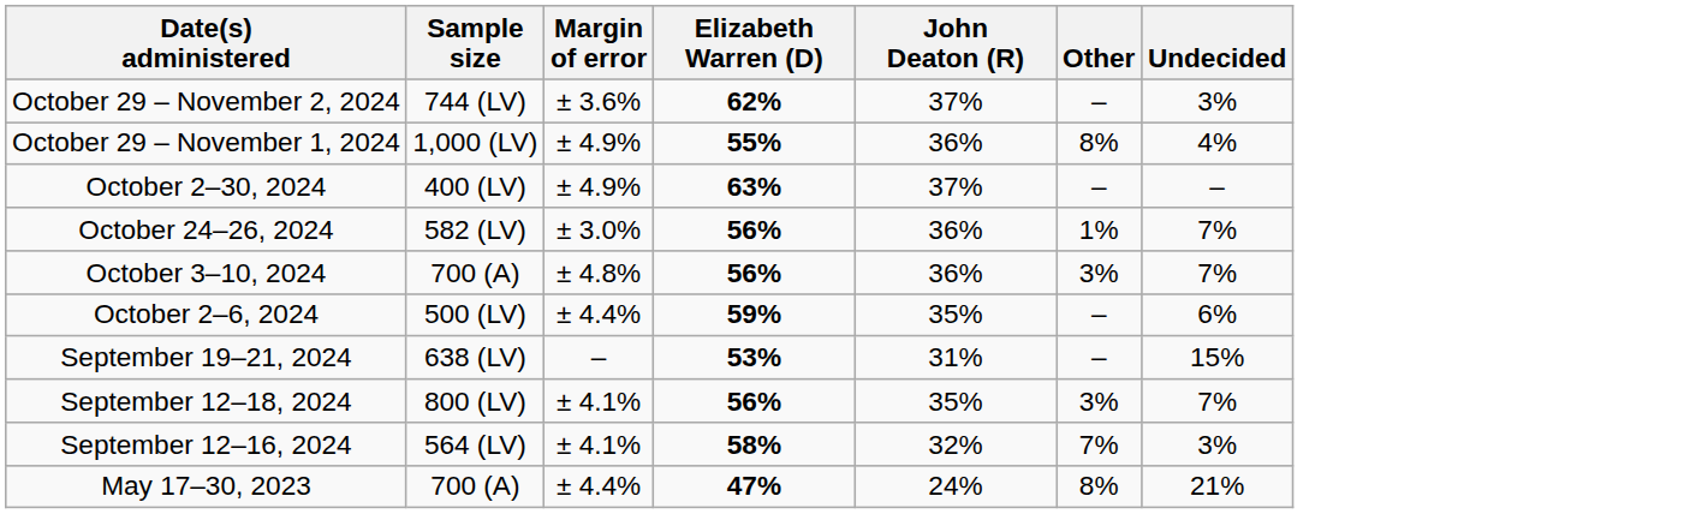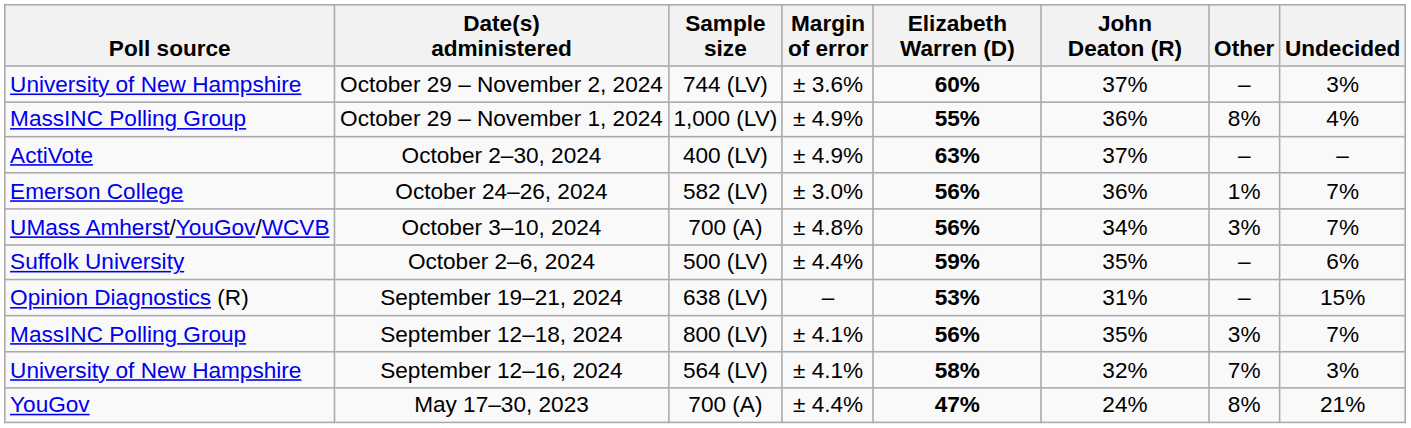 <table class="wikitable" style="font-size:90%;text-align:center;">
 <tr valign=bottom>
+<th>Poll source</th>
 <th>Date(s)<br>administered</th>
 <th>Sample<br>size</th>
 <th>Margin<br>of error</th>
 <th style="width:100px;">Elizabeth<br>Warren (D)</th>
 <th style="width:100px;">John<br>Deaton (R)</th>
 <th>Other</th>
 <th>Undecided</th>
 </tr>
 <tr>
+<td style="text-align:left"><a href='#'>University of New Hampshire</a></td>
 <td>October 29  – November 2, 2024</td>
 <td>744 (LV)</td>
 <td>± 3.6%</td>
-<td><strong>62%</strong></td>
+<td><strong>60%</strong></td>
 <td>37%</td>
 <td>–</td>
 <td>3%</td>
 </tr>
 <tr>
+<td style="text-align:left"><a href='#'>MassINC Polling Group</a></td>
 <td>October 29 – November 1, 2024</td>
 <td>1,000 (LV)</td>
 <td>± 4.9%</td>
 <td><strong>55%</strong></td>
 <td>36%</td>
 <td>8%</td>
 <td>4%</td>
 </tr>
 <tr>
+<td style="text-align:left"><a href='#'>ActiVote</a></td>
 <td>October 2–30, 2024</td>
 <td>400 (LV)</td>
 <td>± 4.9%</td>
 <td><strong>63%</strong></td>
 <td>37%</td>
 <td>–</td>
 <td>–</td>
 </tr>
 <tr>
+<td style="text-align:left"><a href='#'>Emerson College</a></td>
 <td>October 24–26, 2024</td>
 <td>582 (LV)</td>
 <td>± 3.0%</td>
 <td><strong>56%</strong></td>
 <td>36%</td>
 <td>1%</td>
 <td>7%</td>
 </tr>
 <tr>
+<td style="text-align:left"><a href='#'>UMass Amherst</a>/<a href='#'>YouGov</a>/<a href='#'>WCVB</a></td>
 <td>October 3–10, 2024</td>
 <td>700 (A)</td>
 <td>± 4.8%</td>
 <td><strong>56%</strong></td>
-<td>36%</td>
+<td>34%</td>
 <td>3%</td>
 <td>7%</td>
 </tr>
 <tr>
+<td style="text-align:left"><a href='#'>Suffolk University</a></td>
 <td>October 2–6, 2024</td>
 <td>500 (LV)</td>
 <td>± 4.4%</td>
 <td><strong>59%</strong></td>
 <td>35%</td>
 <td>–</td>
 <td>6%</td>
 </tr>
 <tr>
+<td style="text-align:left"><a href='#'>Opinion Diagnostics</a> (R)</td>
 <td>September 19–21, 2024</td>
 <td>638 (LV)</td>
 <td>–</td>
 <td><strong>53%</strong></td>
 <td>31%</td>
 <td>–</td>
 <td>15%</td>
 </tr>
 <tr>
+<td style="text-align:left"><a href='#'>MassINC Polling Group</a></td>
 <td>September 12–18, 2024</td>
 <td>800 (LV)</td>
 <td>± 4.1%</td>
 <td><strong>56%</strong></td>
 <td>35%</td>
 <td>3%</td>
 <td>7%</td>
 </tr>
 <tr>
+<td style="text-align:left"><a href='#'>University of New Hampshire</a></td>
 <td>September 12–16, 2024</td>
 <td>564 (LV)</td>
 <td>± 4.1%</td>
 <td><strong>58%</strong></td>
 <td>32%</td>
 <td>7%</td>
 <td>3%</td>
 </tr>
 <tr>
+<td style="text-align:left"><a href='#'>YouGov</a></td>
 <td>May 17–30, 2023</td>
 <td>700 (A)</td>
 <td>± 4.4%</td>
 <td><strong>47%</strong></td>
 <td>24%</td>
 <td>8%</td>
 <td>21%</td>
 </tr>
 </table>
